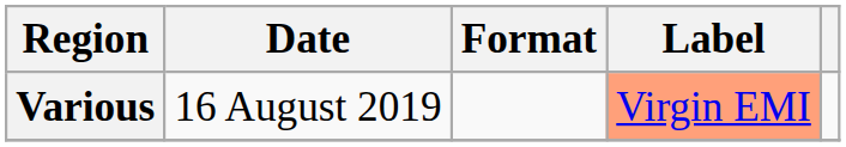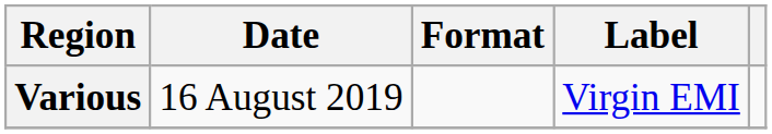 <table class="wikitable plainrowheaders">
 <tr>
 <th scope="col">Region</th>
 <th scope="col">Date</th>
 <th scope="col">Format</th>
 <th scope="col">Label</th>
 <th scope="col"></th>
 </tr>
 <tr>
 <th scope="row">Various</th>
 <td>16 August 2019</td>
 <td></td>
-<td style="background: lightsalmon;"><a href='#'>Virgin EMI</a></td>
+<td><a href='#'>Virgin EMI</a></td>
 <td></td>
 </tr>
 <tr>
 </tr>
 </table>
